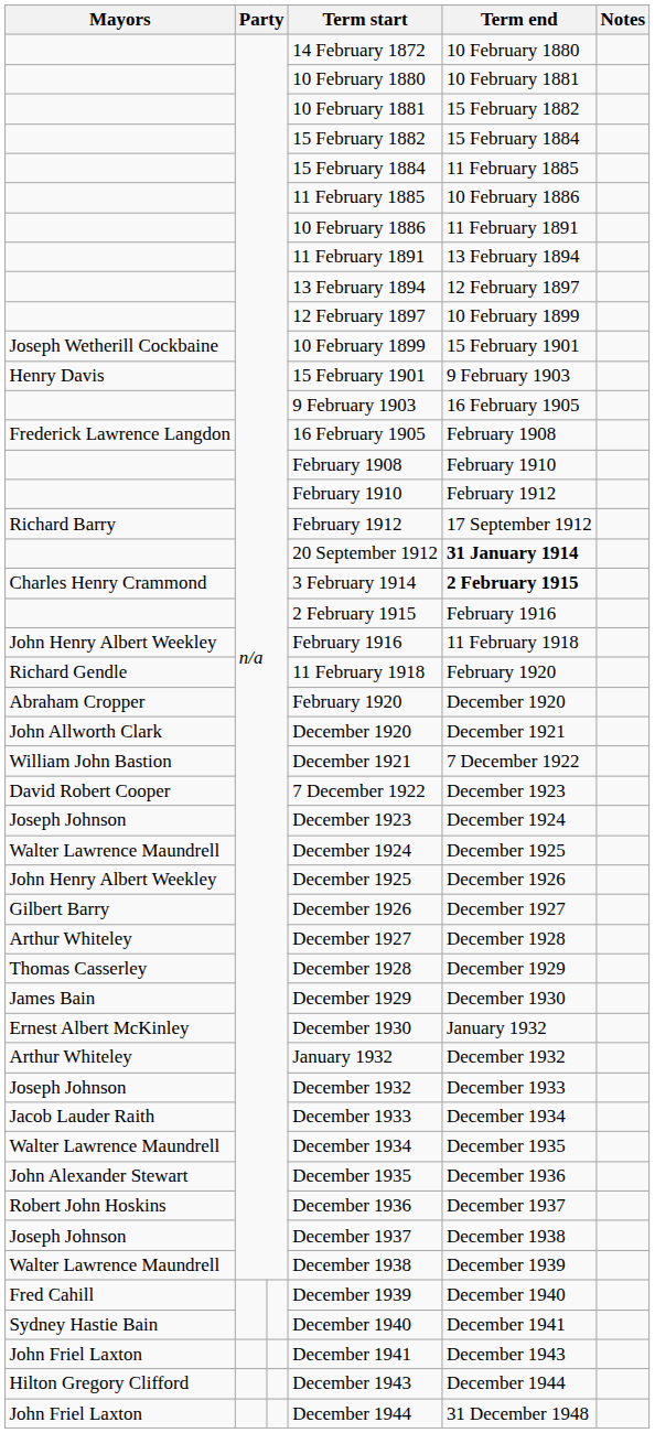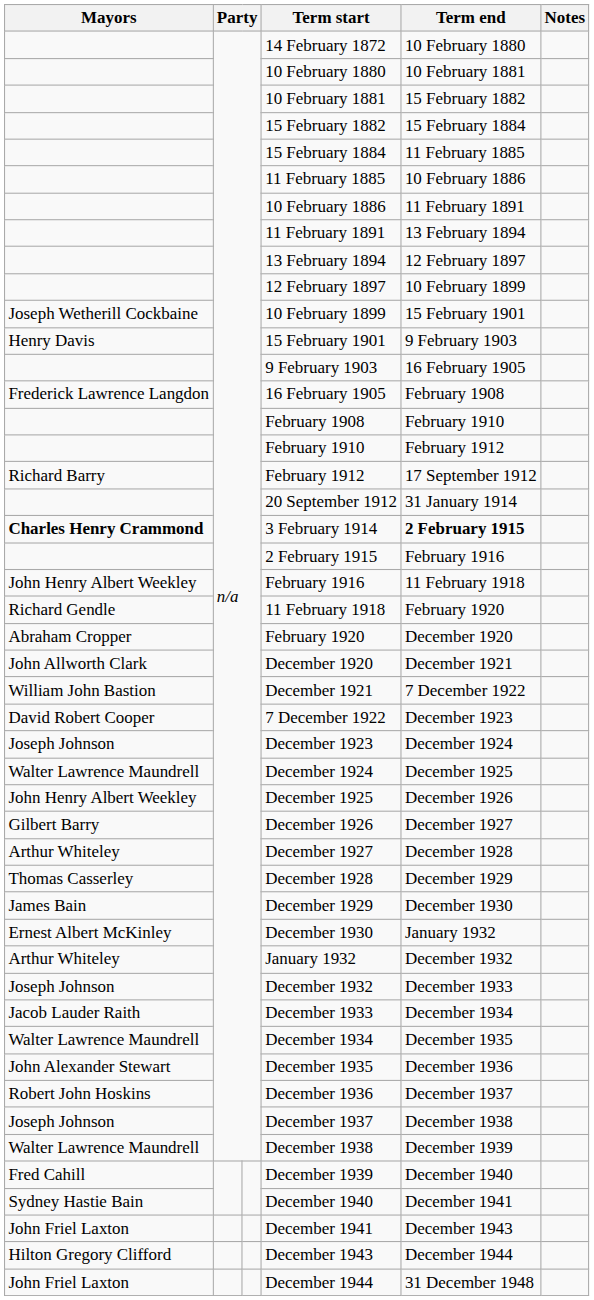 <table class="wikitable sortable">
 <tr>
 <th>Mayors</th>
 <th colspan="2">Party</th>
 <th>Term start</th>
 <th>Term end</th>
 <th>Notes</th>
 </tr>
 <tr>
 <td></td>
 <td rowspan="42" colspan="2"><em>n/a</em></td>
 <td>14 February 1872</td>
 <td>10 February 1880</td>
 <td></td>
 </tr>
 <tr>
 <td></td>
 <td>10 February 1880</td>
 <td>10 February 1881</td>
 <td></td>
 </tr>
 <tr>
 <td></td>
 <td>10 February 1881</td>
 <td>15 February 1882</td>
 <td></td>
 </tr>
 <tr>
 <td></td>
 <td>15 February 1882</td>
 <td>15 February 1884</td>
 <td></td>
 </tr>
 <tr>
 <td></td>
 <td>15 February 1884</td>
 <td>11 February 1885</td>
 <td></td>
 </tr>
 <tr>
 <td></td>
 <td>11 February 1885</td>
 <td>10 February 1886</td>
 <td></td>
 </tr>
 <tr>
 <td></td>
 <td>10 February 1886</td>
 <td>11 February 1891</td>
 <td></td>
 </tr>
 <tr>
 <td></td>
 <td>11 February 1891</td>
 <td>13 February 1894</td>
 <td></td>
 </tr>
 <tr>
 <td></td>
 <td>13 February 1894</td>
 <td>12 February 1897</td>
 <td></td>
 </tr>
 <tr>
 <td></td>
 <td>12 February 1897</td>
 <td>10 February 1899</td>
 <td></td>
 </tr>
 <tr>
 <td>Joseph Wetherill Cockbaine</td>
 <td>10 February 1899</td>
 <td>15 February 1901</td>
 <td></td>
 </tr>
 <tr>
 <td>Henry Davis</td>
 <td>15 February 1901</td>
 <td>9 February 1903</td>
 <td></td>
 </tr>
 <tr>
 <td></td>
 <td>9 February 1903</td>
 <td>16 February 1905</td>
 <td></td>
 </tr>
 <tr>
 <td>Frederick Lawrence Langdon</td>
 <td>16 February 1905</td>
 <td>February 1908</td>
 <td></td>
 </tr>
 <tr>
 <td></td>
 <td>February 1908</td>
 <td>February 1910</td>
 <td></td>
 </tr>
 <tr>
 <td></td>
 <td>February 1910</td>
 <td>February 1912</td>
 <td></td>
 </tr>
 <tr>
 <td>Richard Barry</td>
 <td>February 1912</td>
 <td>17 September 1912</td>
 <td></td>
 </tr>
 <tr>
 <td></td>
 <td>20 September 1912</td>
-<td><strong>31 January 1914</strong></td>
+<td>31 January 1914</td>
 <td></td>
 </tr>
 <tr>
-<td>Charles Henry Crammond</td>
+<td><strong>Charles Henry Crammond</strong></td>
 <td>3 February 1914</td>
 <td><strong>2 February 1915</strong></td>
 <td></td>
 </tr>
 <tr>
 <td></td>
 <td>2 February 1915</td>
 <td>February 1916</td>
 <td></td>
 </tr>
 <tr>
 <td>John Henry Albert Weekley</td>
 <td>February 1916</td>
 <td>11 February 1918</td>
 <td></td>
 </tr>
 <tr>
 <td>Richard Gendle</td>
 <td>11 February 1918</td>
 <td>February 1920</td>
 <td></td>
 </tr>
 <tr>
 <td>Abraham Cropper</td>
 <td>February 1920</td>
 <td>December 1920</td>
 <td></td>
 </tr>
 <tr>
 <td>John Allworth Clark</td>
 <td>December 1920</td>
 <td>December 1921</td>
 <td></td>
 </tr>
 <tr>
 <td>William John Bastion</td>
 <td>December 1921</td>
 <td>7 December 1922</td>
 <td></td>
 </tr>
 <tr>
 <td>David Robert Cooper</td>
 <td>7 December 1922</td>
 <td>December 1923</td>
 <td></td>
 </tr>
 <tr>
 <td>Joseph Johnson</td>
 <td>December 1923</td>
 <td>December 1924</td>
 <td></td>
 </tr>
 <tr>
 <td>Walter Lawrence Maundrell</td>
 <td>December 1924</td>
 <td>December 1925</td>
 <td></td>
 </tr>
 <tr>
 <td>John Henry Albert Weekley</td>
 <td>December 1925</td>
 <td>December 1926</td>
 <td></td>
 </tr>
 <tr>
 <td>Gilbert Barry</td>
 <td>December 1926</td>
 <td>December 1927</td>
 <td></td>
 </tr>
 <tr>
 <td>Arthur Whiteley</td>
 <td>December 1927</td>
 <td>December 1928</td>
 <td></td>
 </tr>
 <tr>
 <td>Thomas Casserley</td>
 <td>December 1928</td>
 <td>December 1929</td>
 <td></td>
 </tr>
 <tr>
 <td>James Bain</td>
 <td>December 1929</td>
 <td>December 1930</td>
 <td></td>
 </tr>
 <tr>
 <td>Ernest Albert McKinley</td>
 <td>December 1930</td>
 <td>January 1932</td>
 <td></td>
 </tr>
 <tr>
 <td>Arthur Whiteley</td>
 <td>January 1932</td>
 <td>December 1932</td>
 <td></td>
 </tr>
 <tr>
 <td>Joseph Johnson</td>
 <td>December 1932</td>
 <td>December 1933</td>
 <td></td>
 </tr>
 <tr>
 <td>Jacob Lauder Raith</td>
 <td>December 1933</td>
 <td>December 1934</td>
 <td></td>
 </tr>
 <tr>
 <td>Walter Lawrence Maundrell</td>
 <td>December 1934</td>
 <td>December 1935</td>
 <td></td>
 </tr>
 <tr>
 <td>John Alexander Stewart</td>
 <td>December 1935</td>
 <td>December 1936</td>
 <td></td>
 </tr>
 <tr>
 <td>Robert John Hoskins</td>
 <td>December 1936</td>
 <td>December 1937</td>
 <td></td>
 </tr>
 <tr>
 <td>Joseph Johnson</td>
 <td>December 1937</td>
 <td>December 1938</td>
 <td></td>
 </tr>
 <tr>
 <td>Walter Lawrence Maundrell</td>
 <td>December 1938</td>
 <td>December 1939</td>
 <td></td>
 </tr>
 <tr>
 <td>Fred Cahill</td>
 <td rowspan="2" > </td>
 <td rowspan="2"></td>
 <td>December 1939</td>
 <td>December 1940</td>
 <td></td>
 </tr>
 <tr>
 <td>Sydney Hastie Bain</td>
 <td>December 1940</td>
 <td>December 1941</td>
 <td></td>
 </tr>
 <tr>
 <td>John Friel Laxton</td>
 <td></td>
 <td></td>
 <td>December 1941</td>
 <td>December 1943</td>
 <td></td>
 </tr>
 <tr>
 <td>Hilton Gregory Clifford</td>
 <td></td>
 <td></td>
 <td>December 1943</td>
 <td>December 1944</td>
 <td></td>
 </tr>
 <tr>
 <td>John Friel Laxton</td>
 <td></td>
 <td></td>
 <td>December 1944</td>
 <td>31 December 1948</td>
 <td></td>
 </tr>
 </table>
